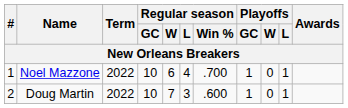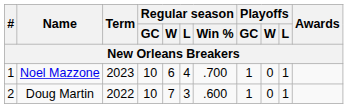 <table class="wikitable" style="text-align:center">
 <tr>
 <th rowspan="2">#</th>
 <th rowspan="2">Name</th>
 <th rowspan="2">Term</th>
 <th colspan="4">Regular season</th>
 <th colspan="3">Playoffs</th>
 <th rowspan="2">Awards</th>
 </tr>
 <tr>
 <th>GC</th>
 <th>W</th>
 <th>L</th>
 <th>Win %</th>
 <th>GC</th>
 <th>W</th>
 <th>L</th>
 </tr>
 <tr>
 <th colspan="11">New Orleans Breakers</th>
 </tr>
 <tr>
 <td>1</td>
 <td><a href='#'>Noel Mazzone</a></td>
-<td>2022</td>
+<td>2023</td>
 <td>10</td>
 <td>6</td>
 <td>4</td>
 <td>.700</td>
 <td>1</td>
 <td>0</td>
 <td>1</td>
 <td></td>
 </tr>
 <tr>
 <td>2</td>
 <td>Doug Martin</td>
 <td>2022</td>
 <td>10</td>
 <td>7</td>
 <td>3</td>
 <td>.600</td>
 <td>1</td>
 <td>0</td>
 <td>1</td>
 <td></td>
 </tr>
 </table>
